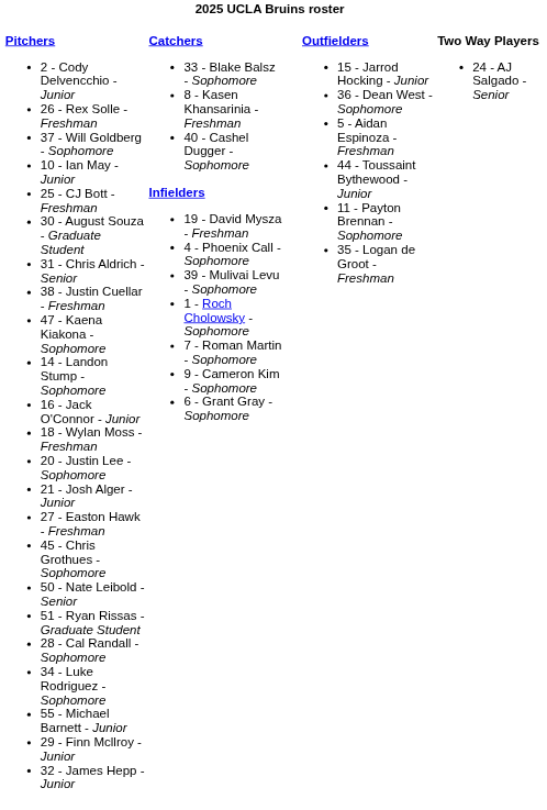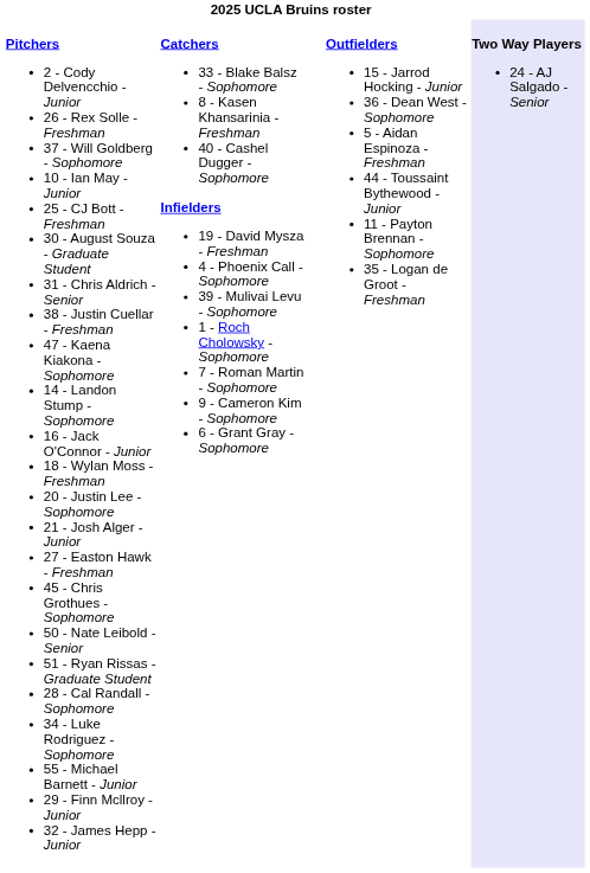 <table class="toccolours" style="border-collapse; font-size:90%;">
 <tr>
 <th colspan=9>2025 UCLA Bruins roster</th>
 </tr>
 <tr>
 <td width="03"> </td>
 <td valign="top"><br><strong><a href='#'>Pitchers</a></strong><ul><li>2 - Cody Delvencchio - <em>Junior</em></li><li>26 - Rex Solle - <em>Freshman</em></li><li>37 - Will Goldberg - <em> Sophomore</em></li><li>10 - Ian May - <em> Junior</em></li><li>25 - CJ Bott - <em>Freshman</em></li><li>30 - August Souza - <em>Graduate Student</em></li><li>31 - Chris Aldrich - <em> Senior</em></li><li>38 - Justin Cuellar - <em>Freshman</em></li><li>47 - Kaena Kiakona - <em>Sophomore</em></li><li>14 - Landon Stump - <em>Sophomore</em></li><li>16 - Jack O'Connor - <em>Junior</em></li><li>18 - Wylan Moss - <em>Freshman</em></li><li>20 - Justin Lee - <em>Sophomore</em></li><li>21 - Josh Alger - <em> Junior</em></li><li>27 - Easton Hawk - <em>Freshman</em></li><li>45 - Chris Grothues - <em> Sophomore</em></li><li>50 - Nate Leibold - <em>Senior</em></li><li>51 - Ryan Rissas - <em>Graduate Student</em></li><li>28 - Cal Randall - <em>Sophomore</em></li><li>34 - Luke Rodriguez - <em>Sophomore</em></li><li>55 - Michael Barnett - <em>Junior</em></li><li>29 - Finn Mcllroy - <em>Junior</em></li><li>32 - James Hepp - <em> Junior</em></li></ul></td>
 <td valign="top"><br><strong><a href='#'>Catchers</a></strong><ul><li>33 - Blake Balsz - <em>Sophomore</em></li><li>8 - Kasen Khansarinia - <em>Freshman</em></li><li>40 - Cashel Dugger - <em>Sophomore</em></li></ul><strong><a href='#'>Infielders</a></strong><ul><li>19 - David Mysza - <em>Freshman</em></li><li>4 - Phoenix Call - <em>Sophomore</em></li><li>39 - Mulivai Levu - <em>Sophomore</em></li><li>1 - <a href='#'>Roch Cholowsky</a> - <em>Sophomore</em></li><li>7 - Roman Martin - <em>Sophomore</em></li><li>9 - Cameron Kim - <em>Sophomore</em></li><li>6 - Grant Gray - <em>Sophomore</em></li></ul></td>
 <td width="15"> </td>
 <td valign="top"><br><strong><a href='#'>Outfielders</a></strong><ul><li>15 - Jarrod Hocking - <em>Junior</em></li><li>36 - Dean West - <em>Sophomore</em></li><li>5 - Aidan Espinoza - <em> Freshman</em></li><li>44 - Toussaint Bythewood - <em>Junior</em></li><li>11 - Payton Brennan - <em> Sophomore</em></li><li>35 - Logan de Groot - <em>Freshman</em></li></ul></td>
-<td valign="top"><br><strong>Two Way Players</strong><ul><li>24 - AJ Salgado - <em> Senior</em></li></ul></td>
+<td valign="top" style="background: lavender;"><br><strong>Two Way Players</strong><ul><li>24 - AJ Salgado - <em> Senior</em></li></ul></td>
 </tr>
 </table>
